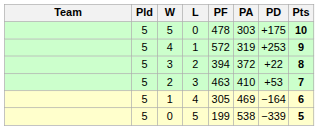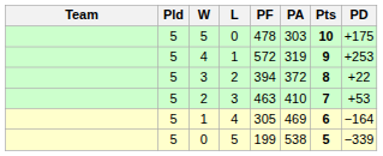 <table class="wikitable" style="text-align:center;">
 <tr>
 <th width=180>Team</th>
 <th width=30>Pld</th>
 <th width=30>W</th>
 <th width=30>L</th>
 <th width=30>PF</th>
 <th width=30>PA</th>
+<th width=30>Pts</th>
 <th width=30>PD</th>
-<th width=30>Pts</th>
 </tr>
 <tr align=center bgcolor="ccffcc">
 <td align=left></td>
 <td>5</td>
 <td>5</td>
 <td>0</td>
 <td>478</td>
 <td>303</td>
+<td><strong>10</strong></td>
 <td>+175</td>
-<td><strong>10</strong></td>
 </tr>
 <tr align=center bgcolor="ccffcc">
 <td align=left></td>
 <td>5</td>
 <td>4</td>
 <td>1</td>
 <td>572</td>
 <td>319</td>
+<td><strong>9</strong></td>
 <td>+253</td>
-<td><strong>9</strong></td>
 </tr>
 <tr align=center bgcolor="ccffcc">
 <td align=left></td>
 <td>5</td>
 <td>3</td>
 <td>2</td>
 <td>394</td>
 <td>372</td>
+<td><strong>8</strong></td>
 <td>+22</td>
-<td><strong>8</strong></td>
 </tr>
 <tr align=center bgcolor="ccffcc">
 <td align=left></td>
 <td>5</td>
 <td>2</td>
 <td>3</td>
 <td>463</td>
 <td>410</td>
+<td><strong>7</strong></td>
 <td>+53</td>
-<td><strong>7</strong></td>
 </tr>
 <tr align=center bgcolor="#ffffcc">
 <td align=left></td>
 <td>5</td>
 <td>1</td>
 <td>4</td>
 <td>305</td>
 <td>469</td>
+<td><strong>6</strong></td>
 <td>−164</td>
-<td><strong>6</strong></td>
 </tr>
 <tr align=center bgcolor="#ffffcc">
 <td align=left></td>
 <td>5</td>
 <td>0</td>
 <td>5</td>
 <td>199</td>
 <td>538</td>
+<td><strong>5</strong></td>
 <td>−339</td>
-<td><strong>5</strong></td>
 </tr>
 </table>
